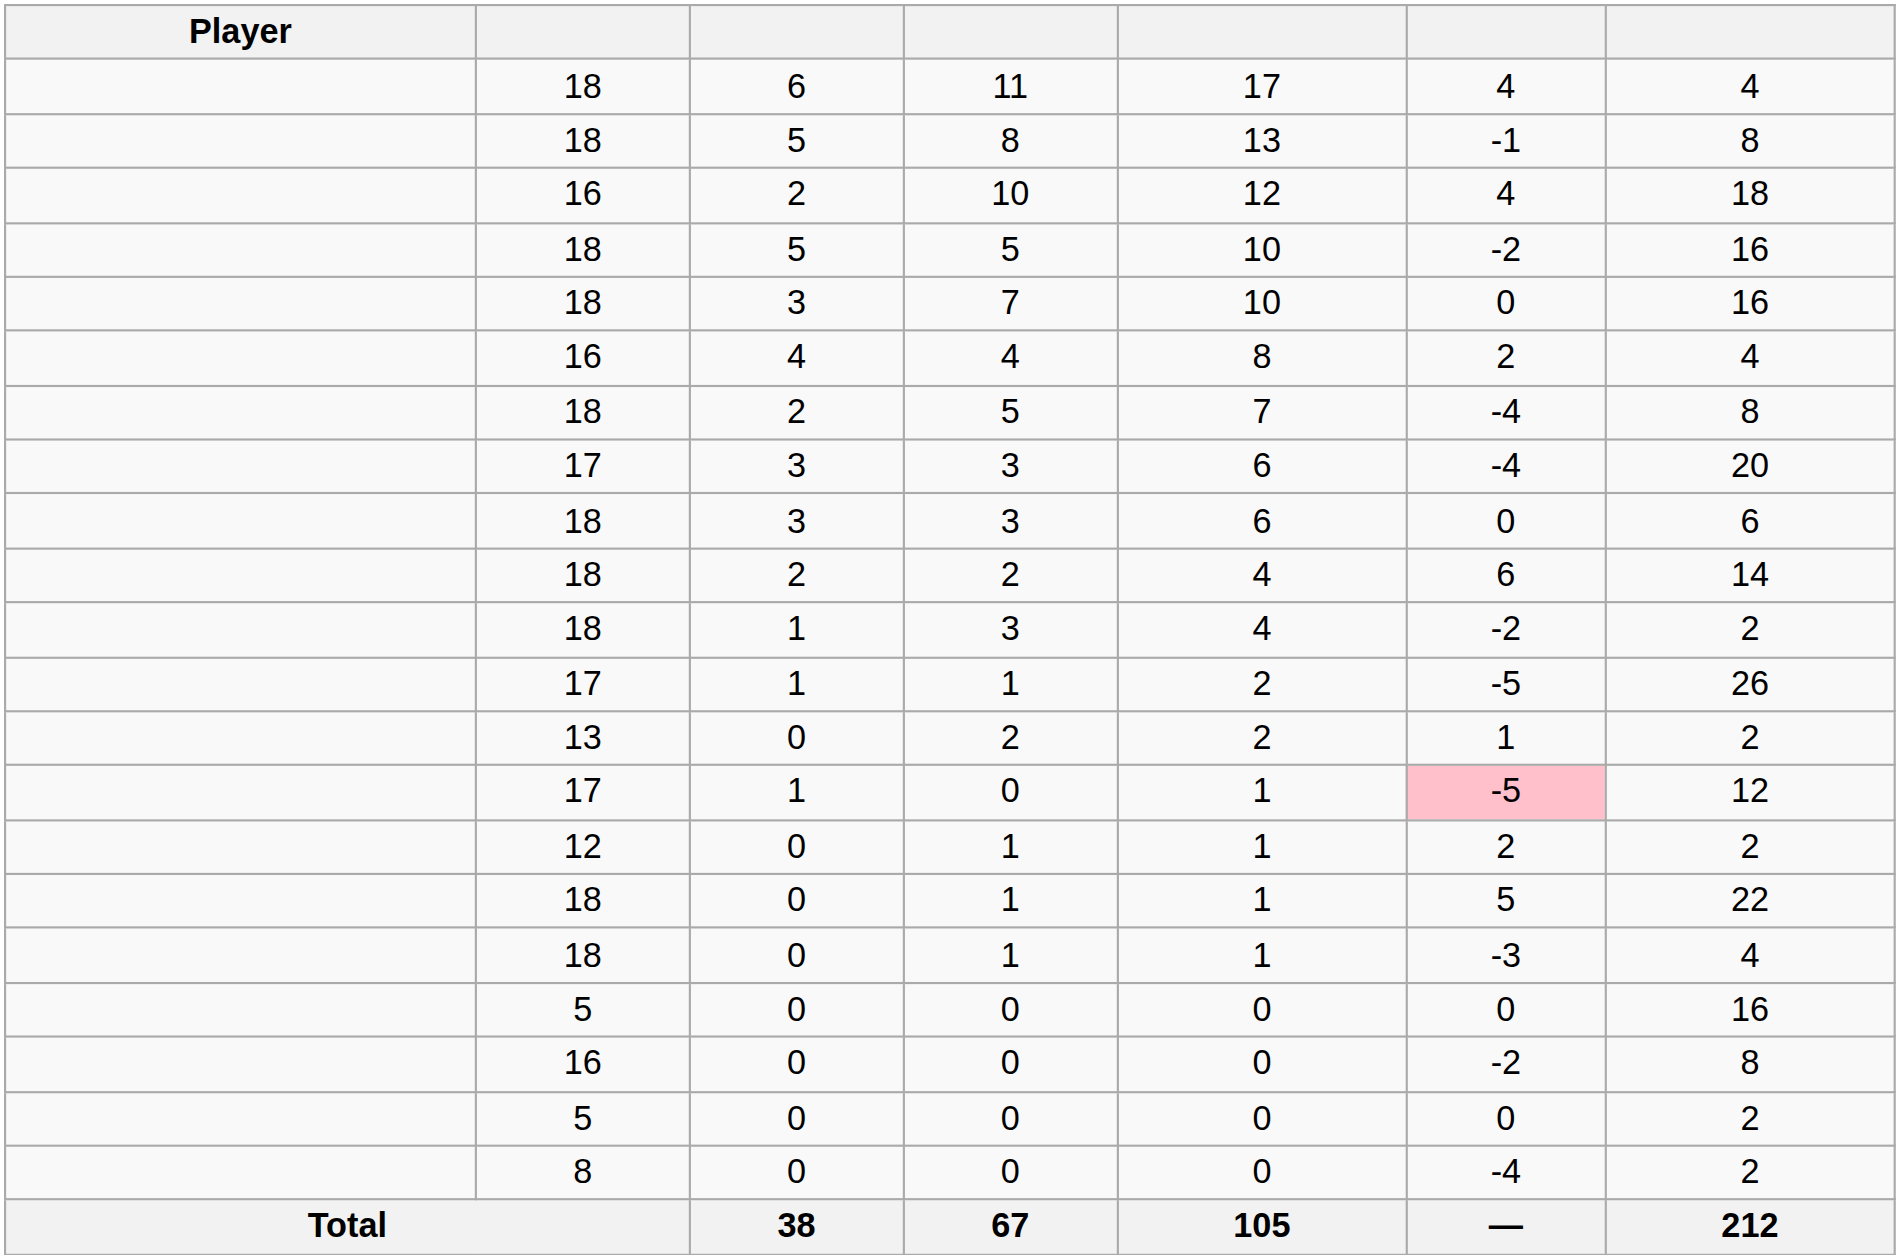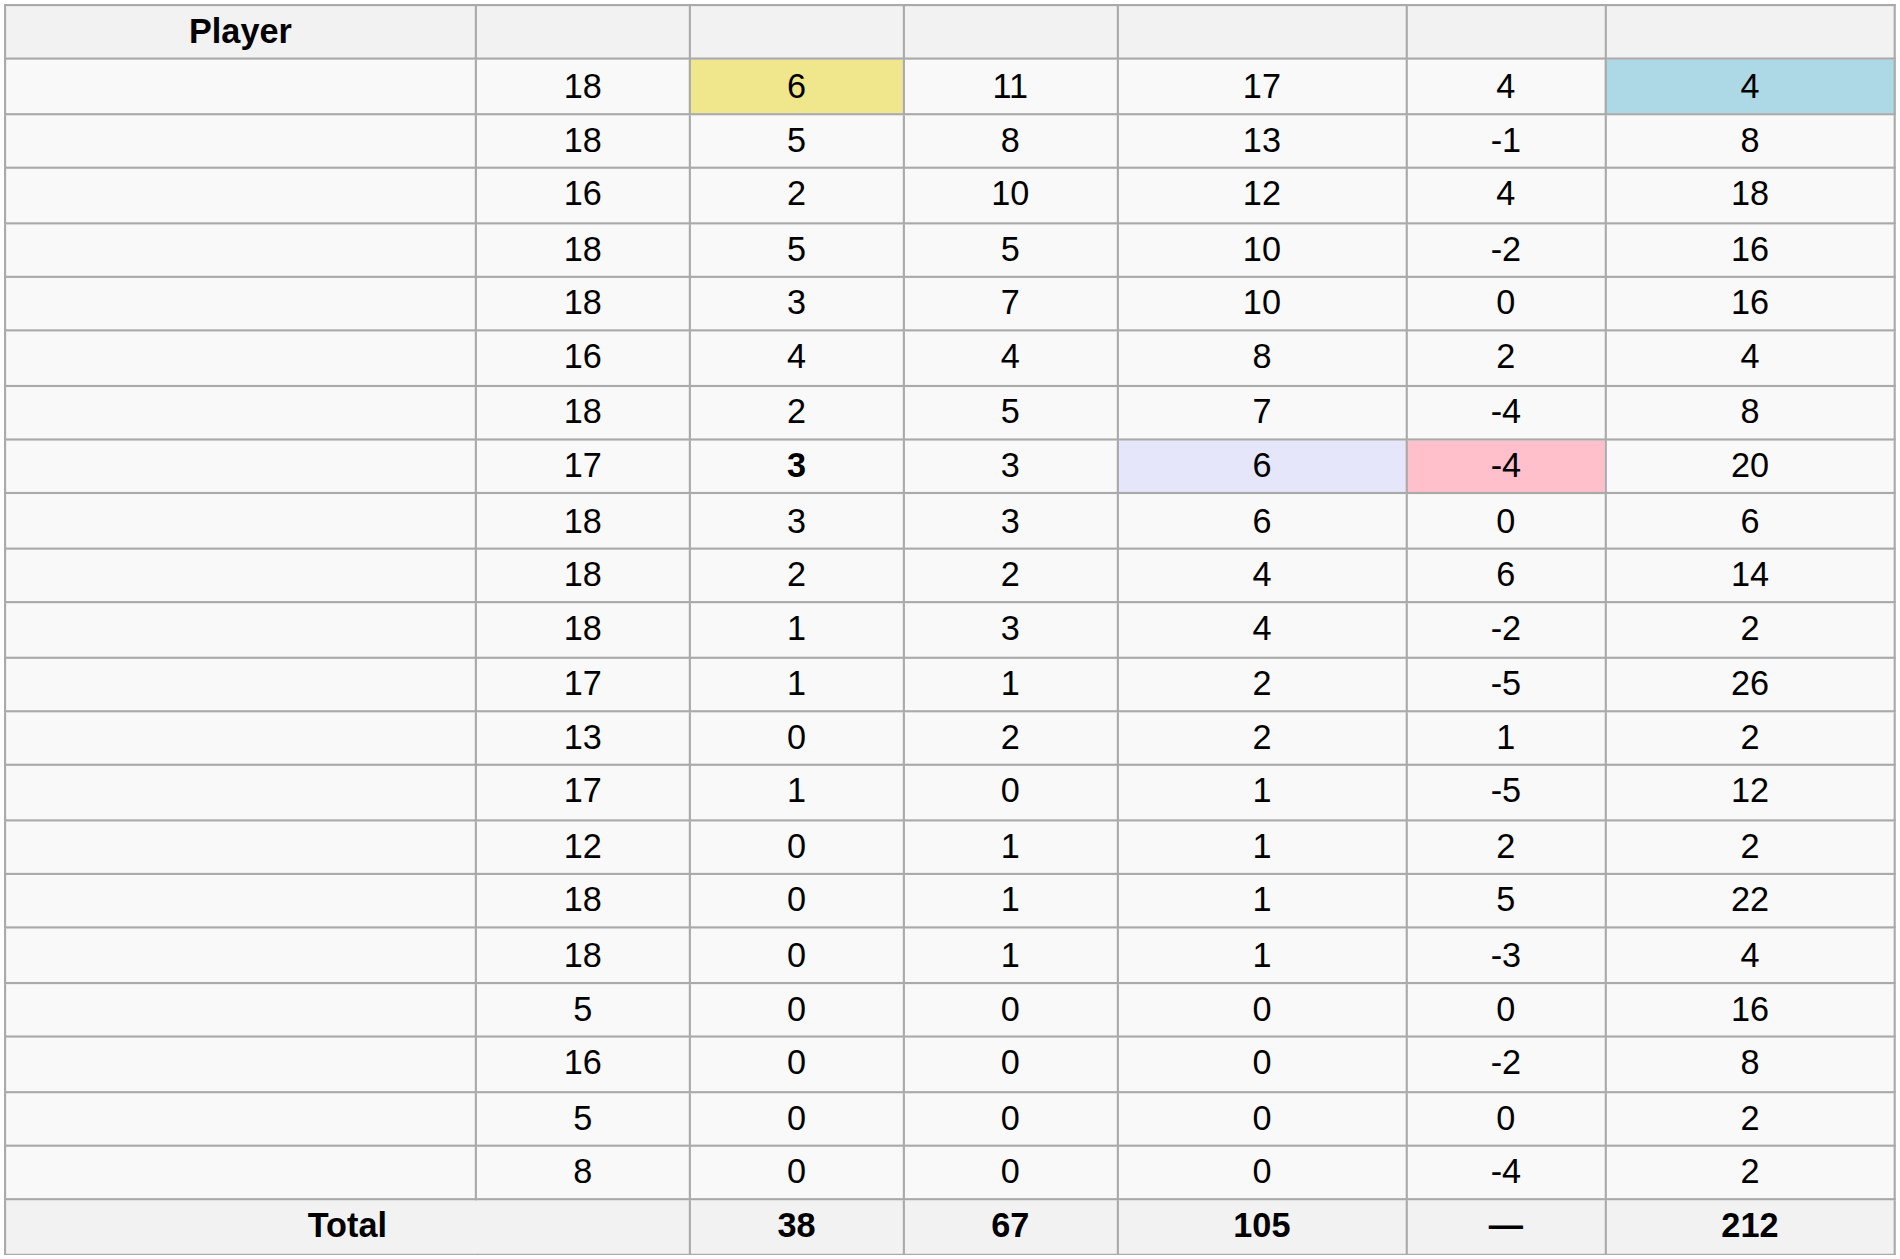 <table class="wikitable sortable" style="width:100%; text-align:center;">
 <tr>
 <th>Player</th>
 <th></th>
 <th></th>
 <th></th>
 <th></th>
 <th data-sort-type="number"></th>
 <th></th>
 </tr>
 <tr>
 <td></td>
 <td>18</td>
-<td>6</td>
+<td style="background: khaki;">6</td>
 <td>11</td>
 <td>17</td>
 <td>4</td>
-<td>4</td>
+<td style="background: lightblue;">4</td>
 </tr>
 <tr>
 <td></td>
 <td>18</td>
 <td>5</td>
 <td>8</td>
 <td>13</td>
 <td>-1</td>
 <td>8</td>
 </tr>
 <tr>
 <td></td>
 <td>16</td>
 <td>2</td>
 <td>10</td>
 <td>12</td>
 <td>4</td>
 <td>18</td>
 </tr>
 <tr>
 <td></td>
 <td>18</td>
 <td>5</td>
 <td>5</td>
 <td>10</td>
 <td>-2</td>
 <td>16</td>
 </tr>
 <tr>
 <td></td>
 <td>18</td>
 <td>3</td>
 <td>7</td>
 <td>10</td>
 <td>0</td>
 <td>16</td>
 </tr>
 <tr>
 <td></td>
 <td>16</td>
 <td>4</td>
 <td>4</td>
 <td>8</td>
 <td>2</td>
 <td>4</td>
 </tr>
 <tr>
 <td></td>
 <td>18</td>
 <td>2</td>
 <td>5</td>
 <td>7</td>
 <td>-4</td>
 <td>8</td>
 </tr>
 <tr>
 <td></td>
 <td>17</td>
+<td><strong>3</strong></td>
 <td>3</td>
-<td>3</td>
-<td>6</td>
-<td>-4</td>
+<td style="background: lavender;">6</td>
+<td style="background: pink;">-4</td>
 <td>20</td>
 </tr>
 <tr>
 <td></td>
 <td>18</td>
 <td>3</td>
 <td>3</td>
 <td>6</td>
 <td>0</td>
 <td>6</td>
 </tr>
 <tr>
 <td></td>
 <td>18</td>
 <td>2</td>
 <td>2</td>
 <td>4</td>
 <td>6</td>
 <td>14</td>
 </tr>
 <tr>
 <td></td>
 <td>18</td>
 <td>1</td>
 <td>3</td>
 <td>4</td>
 <td>-2</td>
 <td>2</td>
 </tr>
 <tr>
 <td></td>
 <td>17</td>
 <td>1</td>
 <td>1</td>
 <td>2</td>
 <td>-5</td>
 <td>26</td>
 </tr>
 <tr>
 <td></td>
 <td>13</td>
 <td>0</td>
 <td>2</td>
 <td>2</td>
 <td>1</td>
 <td>2</td>
 </tr>
 <tr>
 <td></td>
 <td>17</td>
 <td>1</td>
 <td>0</td>
 <td>1</td>
-<td style="background: pink;">-5</td>
+<td>-5</td>
 <td>12</td>
 </tr>
 <tr>
 <td></td>
 <td>12</td>
 <td>0</td>
 <td>1</td>
 <td>1</td>
 <td>2</td>
 <td>2</td>
 </tr>
 <tr>
 <td></td>
 <td>18</td>
 <td>0</td>
 <td>1</td>
 <td>1</td>
 <td>5</td>
 <td>22</td>
 </tr>
 <tr>
 <td></td>
 <td>18</td>
 <td>0</td>
 <td>1</td>
 <td>1</td>
 <td>-3</td>
 <td>4</td>
 </tr>
 <tr>
 <td></td>
 <td>5</td>
 <td>0</td>
 <td>0</td>
 <td>0</td>
 <td>0</td>
 <td>16</td>
 </tr>
 <tr>
 <td></td>
 <td>16</td>
 <td>0</td>
 <td>0</td>
 <td>0</td>
 <td>-2</td>
 <td>8</td>
 </tr>
 <tr>
 <td></td>
 <td>5</td>
 <td>0</td>
 <td>0</td>
 <td>0</td>
 <td>0</td>
 <td>2</td>
 </tr>
 <tr>
 <td></td>
 <td>8</td>
 <td>0</td>
 <td>0</td>
 <td>0</td>
 <td>-4</td>
 <td>2</td>
 </tr>
 <tr class="sortbottom">
 <th colspan=2>Total</th>
 <th>38</th>
 <th>67</th>
 <th>105</th>
 <th>—</th>
 <th>212</th>
 </tr>
 </table>
